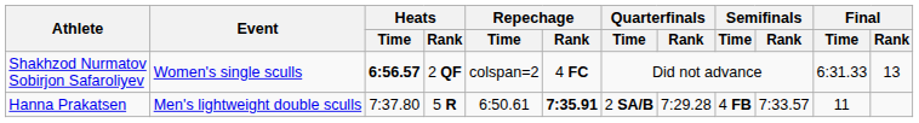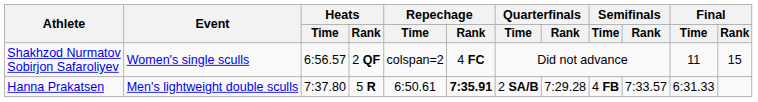 <table class=wikitable style=font-size:90%;text-align:center>
 <tr>
 <th rowspan=2>Athlete</th>
 <th rowspan=2>Event</th>
 <th colspan=2>Heats</th>
 <th colspan=2>Repechage</th>
 <th colspan=2>Quarterfinals</th>
 <th colspan=2>Semifinals</th>
 <th colspan=2>Final</th>
 </tr>
 <tr style=font-size:95%>
 <th>Time</th>
 <th>Rank</th>
 <th>Time</th>
 <th>Rank</th>
 <th>Time</th>
 <th>Rank</th>
 <th>Time</th>
 <th>Rank</th>
 <th>Time</th>
 <th>Rank</th>
 </tr>
 <tr>
 <td align=left><a href='#'>Shakhzod Nurmatov</a><br><a href='#'>Sobirjon Safaroliyev</a></td>
 <td align=left><a href='#'>Women's single sculls</a></td>
-<td><strong>6:56.57</strong></td>
+<td>6:56.57</td>
 <td>2 <strong>QF</strong></td>
 <td>colspan=2 </td>
 <td>4 <strong>FC</strong></td>
 <td colspan=4>Did not advance</td>
-<td>6:31.33</td>
-<td>13</td>
+<td>11</td>
+<td>15</td>
 </tr>
 <tr>
 <td align=left><a href='#'>Hanna Prakatsen</a></td>
 <td align=left><a href='#'>Men's lightweight double sculls</a></td>
 <td>7:37.80</td>
 <td>5 <strong>R</strong></td>
 <td>6:50.61</td>
 <td><strong>7:35.91</strong></td>
 <td>2 <strong>SA/B</strong></td>
 <td>7:29.28</td>
 <td>4 <strong>FB</strong></td>
 <td>7:33.57</td>
-<td>11</td>
+<td>6:31.33</td>
 </tr>
 </table>
